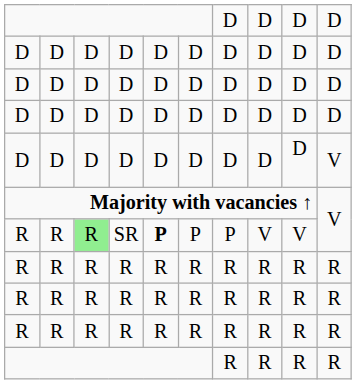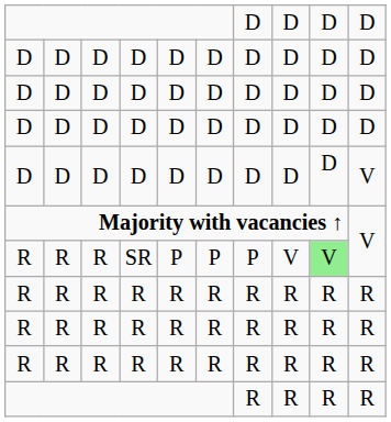 <table class="wikitable" style="text-align:center">
 <tr>
 <td colspan=6></td>
 <td>D</td>
 <td>D</td>
 <td>D</td>
 <td>D</td>
 </tr>
 <tr>
 <td width=10% >D</td>
 <td width=10% >D</td>
 <td width=10% >D</td>
 <td width=10% >D</td>
 <td width=10% >D</td>
 <td width=10% >D</td>
 <td width=10% >D</td>
 <td width=10% >D</td>
 <td width=10% >D</td>
 <td width=10% >D</td>
 </tr>
 <tr>
 <td>D</td>
 <td>D</td>
 <td>D</td>
 <td>D</td>
 <td>D</td>
 <td>D</td>
 <td>D</td>
 <td>D</td>
 <td>D</td>
 <td>D</td>
 </tr>
 <tr>
 <td>D<br></td>
 <td>D<br></td>
 <td>D<br></td>
 <td>D<br></td>
 <td>D<br></td>
 <td>D</td>
 <td>D</td>
 <td>D</td>
 <td>D</td>
 <td>D</td>
 </tr>
 <tr>
 <td>D<br></td>
 <td>D<br></td>
 <td>D<br></td>
 <td>D<br></td>
 <td>D<br></td>
 <td>D<br></td>
 <td>D<br></td>
 <td>D<br></td>
 <td>D<br><br></td>
 <td>V<br></td>
 </tr>
 <tr>
 <td colspan=9 align=right><strong>Majority with vacancies ↑</strong></td>
 <td rowspan=2 >V<br></td>
 </tr>
 <tr>
 <td>R<br></td>
 <td>R<br></td>
-<td style="background: lightgreen;">R<br></td>
+<td>R<br></td>
 <td>SR<br></td>
-<td><strong>P</strong></td>
+<td>P</td>
 <td>P</td>
 <td>P<br></td>
 <td>V<br></td>
-<td>V<br></td>
+<td style="background: lightgreen;">V<br></td>
 </tr>
 <tr>
 <td>R<br></td>
 <td>R<br></td>
 <td>R<br></td>
 <td>R<br></td>
 <td>R<br></td>
 <td>R<br></td>
 <td>R</td>
 <td>R</td>
 <td>R</td>
 <td>R</td>
 </tr>
 <tr>
 <td>R</td>
 <td>R</td>
 <td>R</td>
 <td>R</td>
 <td>R</td>
 <td>R</td>
 <td>R</td>
 <td>R</td>
 <td>R</td>
 <td>R</td>
 </tr>
 <tr>
 <td>R</td>
 <td>R</td>
 <td>R</td>
 <td>R</td>
 <td>R</td>
 <td>R</td>
 <td>R</td>
 <td>R</td>
 <td>R</td>
 <td>R</td>
 </tr>
 <tr>
 <td colspan=6></td>
 <td>R</td>
 <td>R</td>
 <td>R</td>
 <td>R</td>
 </tr>
 </table>
